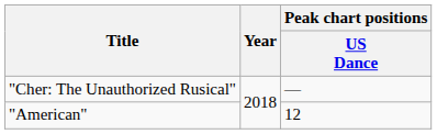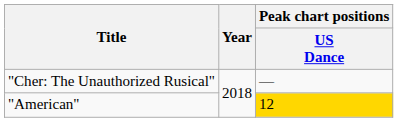 <table class="wikitable">
 <tr>
 <th rowspan="2">Title</th>
 <th rowspan="2">Year</th>
 <th>Peak chart positions</th>
 </tr>
 <tr>
 <th><a href='#'>US<br>Dance<br></a></th>
 </tr>
 <tr>
 <td>"Cher: The Unauthorized Rusical"<br></td>
 <td rowspan="2">2018</td>
 <td>—</td>
 </tr>
 <tr>
 <td>"American"<br></td>
-<td>12</td>
+<td style="background: gold;">12</td>
 </tr>
 </table>
